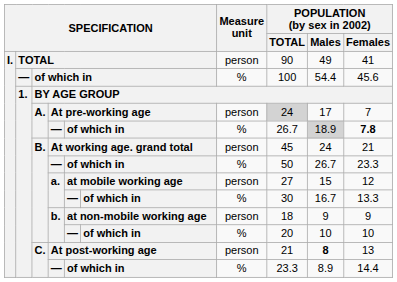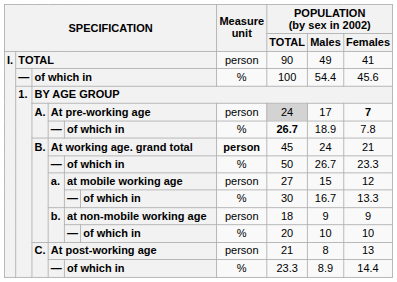 <table class="wikitable" style="font-size:85%; text-align:center">
 <tr>
 <th rowspan="2" colspan="6">SPECIFICATION</th>
 <th rowspan="2">Measure<br> unit</th>
 <th colspan="3" rowspan="1">POPULATION<br> (by sex in 2002)</th>
 </tr>
 <tr>
 <th>TOTAL</th>
 <th>Males</th>
 <th>Females</th>
 </tr>
 <tr>
 <th style="text-align:left" valign="top" rowspan="13">I.</th>
 <th style="text-align:left" colspan="5">TOTAL</th>
 <td>person</td>
 <td>90</td>
 <td>49</td>
 <td>41</td>
 </tr>
 <tr>
 <th style="text-align:left" valign="top">—</th>
 <th style="text-align:left" colspan="4">of which in</th>
 <td>%</td>
 <td>100</td>
 <td>54.4</td>
 <td>45.6</td>
 </tr>
 <tr>
 <th style="text-align:left" valign="top" rowspan="11">1.</th>
 <th style="text-align:left" colspan="19">BY AGE GROUP</th>
 </tr>
 <tr>
 <th style="text-align:left" valign="top" rowspan="2">A.</th>
 <th style="text-align:left" colspan="3">At pre-working age</th>
 <td>person</td>
 <td style="background: lightgrey;">24</td>
 <td>17</td>
-<td>7</td>
+<td><strong>7</strong></td>
 </tr>
 <tr>
 <th style="text-align:left" valign="top">—</th>
 <th style="text-align:left" valign="top" colspan="2">of which in</th>
 <td>%</td>
-<td>26.7</td>
-<td style="background: lightgrey;">18.9</td>
-<td><strong>7.8</strong></td>
+<td><strong>26.7</strong></td>
+<td>18.9</td>
+<td>7.8</td>
 </tr>
 <tr>
 <th style="text-align:left" valign="top" rowspan="6">B.</th>
 <th style="text-align:left" colspan="3">At working age. grand total</th>
-<td>person</td>
+<td><strong>person</strong></td>
 <td>45</td>
 <td>24</td>
 <td>21</td>
 </tr>
 <tr>
 <th style="text-align:left" valign="top">—</th>
 <th style="text-align:left" valign="top" colspan="2">of which in</th>
 <td>%</td>
 <td>50</td>
 <td>26.7</td>
 <td>23.3</td>
 </tr>
 <tr>
 <th style="text-align:left" valign="top" rowspan="2">a.</th>
 <th style="text-align:left" colspan="2">at mobile working age</th>
 <td>person</td>
 <td>27</td>
 <td>15</td>
 <td>12</td>
 </tr>
 <tr>
 <th style="text-align:left" valign="top">—</th>
 <th style="text-align:left" valign="top" colspan="1">of which in                        </th>
 <td>%</td>
 <td>30</td>
 <td>16.7</td>
 <td>13.3</td>
 </tr>
 <tr>
 <th style="text-align:left" valign="top" rowspan="2">b.</th>
 <th style="text-align:left" colspan="2">at non-mobile working age</th>
 <td>person</td>
 <td>18</td>
 <td>9</td>
 <td>9</td>
 </tr>
 <tr>
 <th style="text-align:left" valign="top">—</th>
 <th style="text-align:left" valign="top" colspan="1">of which in                        </th>
 <td>%</td>
 <td>20</td>
 <td>10</td>
 <td>10</td>
 </tr>
 <tr>
 <th style="text-align:left" valign="top" rowspan="2">C.</th>
 <th style="text-align:left" colspan="3">At post-working age</th>
 <td>person</td>
 <td>21</td>
-<td><strong>8</strong></td>
+<td>8</td>
 <td>13</td>
 </tr>
 <tr>
 <th style="text-align:left" valign="top">—</th>
 <th style="text-align:left" valign="top" colspan="2">of which in</th>
 <td>%</td>
 <td>23.3</td>
 <td>8.9</td>
 <td>14.4</td>
 </tr>
 </table>
